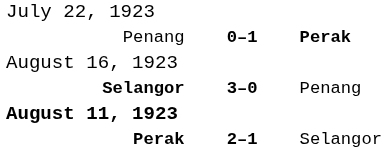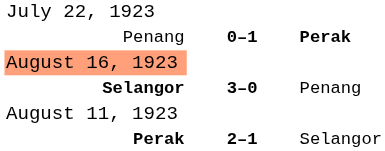 <table width=100% cellspacing=1>
 <tr>
 <th width=20%></th>
 <th width=12%></th>
 <th width=20%></th>
 <th></th>
 </tr>
 <tr>
 <td>July 22, 1923</td>
 </tr>
 <tr style=font-size:90%>
 <td align=right>Penang</td>
 <td align=center><strong>0–1</strong></td>
 <td><strong>Perak</strong></td>
 <td></td>
 <td></td>
 </tr>
 <tr>
-<td>August 16, 1923</td>
+<td style="background: lightsalmon;">August 16, 1923</td>
 </tr>
 <tr style=font-size:90%>
 <td align=right><strong>Selangor</strong></td>
 <td align=center><strong>3–0</strong></td>
 <td>Penang</td>
 <td></td>
 <td></td>
 </tr>
 <tr>
-<td><strong>August 11, 1923</strong></td>
+<td>August 11, 1923</td>
 </tr>
 <tr style=font-size:90%>
 <td align=right><strong>Perak</strong></td>
 <td align=center><strong>2–1</strong></td>
 <td>Selangor</td>
 <td></td>
 <td></td>
 </tr>
 <tr>
 </tr>
 </table>
